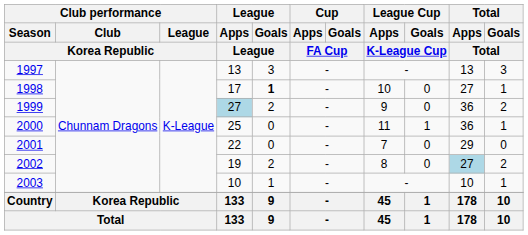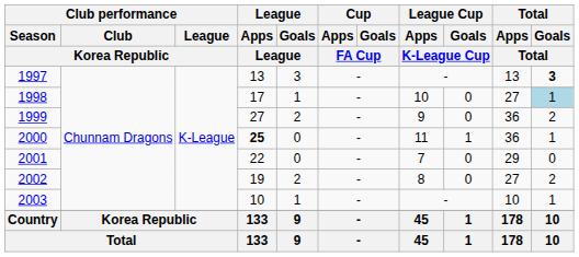 <table class="wikitable" style="text-align:center;">
 <tr>
 <th colspan=3>Club performance</th>
 <th colspan=2>League</th>
 <th colspan=2>Cup</th>
 <th colspan=2>League Cup</th>
 <th colspan=2>Total</th>
 </tr>
 <tr>
 <th>Season</th>
 <th>Club</th>
 <th>League</th>
 <th>Apps</th>
 <th>Goals</th>
 <th>Apps</th>
 <th>Goals</th>
 <th>Apps</th>
 <th>Goals</th>
 <th>Apps</th>
 <th>Goals</th>
 </tr>
 <tr>
 <th colspan=3>Korea Republic</th>
 <th colspan=2>League</th>
 <th colspan=2><a href='#'>FA Cup</a></th>
 <th colspan=2><a href='#'>K-League Cup</a></th>
 <th colspan=2>Total</th>
 </tr>
 <tr>
 <td><a href='#'>1997</a></td>
 <td rowspan="7"><a href='#'>Chunnam Dragons</a></td>
 <td rowspan="7"><a href='#'>K-League</a></td>
 <td>13</td>
 <td>3</td>
 <td colspan="2">-</td>
 <td colspan="2">-</td>
 <td>13</td>
-<td>3</td>
+<td><strong>3</strong></td>
 </tr>
 <tr>
 <td><a href='#'>1998</a></td>
 <td>17</td>
-<td><strong>1</strong></td>
+<td>1</td>
 <td colspan="2">-</td>
 <td>10</td>
 <td>0</td>
 <td>27</td>
-<td>1</td>
+<td style="background: lightblue;">1</td>
 </tr>
 <tr>
 <td><a href='#'>1999</a></td>
-<td style="background: lightblue;">27</td>
+<td>27</td>
 <td>2</td>
 <td colspan="2">-</td>
 <td>9</td>
 <td>0</td>
 <td>36</td>
 <td>2</td>
 </tr>
 <tr>
 <td><a href='#'>2000</a></td>
-<td>25</td>
+<td><strong>25</strong></td>
 <td>0</td>
 <td colspan="2">-</td>
 <td>11</td>
 <td>1</td>
 <td>36</td>
 <td>1</td>
 </tr>
 <tr>
 <td><a href='#'>2001</a></td>
 <td>22</td>
 <td>0</td>
 <td colspan="2">-</td>
 <td>7</td>
 <td>0</td>
 <td>29</td>
 <td>0</td>
 </tr>
 <tr>
 <td><a href='#'>2002</a></td>
 <td>19</td>
 <td>2</td>
 <td colspan="2">-</td>
 <td>8</td>
 <td>0</td>
-<td style="background: lightblue;">27</td>
+<td>27</td>
 <td>2</td>
 </tr>
 <tr>
 <td><a href='#'>2003</a></td>
 <td>10</td>
 <td>1</td>
 <td colspan="2">-</td>
 <td colspan="2">-</td>
 <td>10</td>
 <td>1</td>
 </tr>
 <tr>
 </tr>
 <tr>
 <th rowspan=1>Country</th>
 <th colspan=2>Korea Republic</th>
 <th>133</th>
 <th>9</th>
 <th colspan="2">-</th>
 <th>45</th>
 <th>1</th>
 <th>178</th>
 <th>10</th>
 </tr>
 <tr>
 <th colspan=3>Total</th>
 <th>133</th>
 <th>9</th>
 <th colspan="2">-</th>
 <th>45</th>
 <th>1</th>
 <th>178</th>
 <th>10</th>
 </tr>
 </table>
